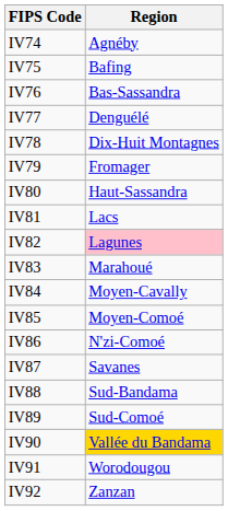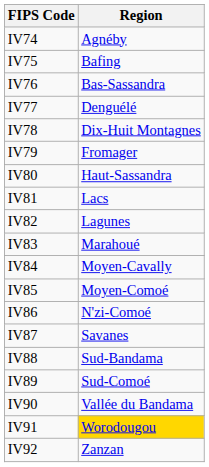 <table class="wikitable">
 <tr>
 <th>FIPS Code</th>
 <th>Region</th>
 </tr>
 <tr>
 <td>IV74</td>
 <td><a href='#'>Agnéby</a></td>
 </tr>
 <tr>
 <td>IV75</td>
 <td><a href='#'>Bafing</a></td>
 </tr>
 <tr>
 <td>IV76</td>
 <td><a href='#'>Bas-Sassandra</a></td>
 </tr>
 <tr>
 <td>IV77</td>
 <td><a href='#'>Denguélé</a></td>
 </tr>
 <tr>
 <td>IV78</td>
 <td><a href='#'>Dix-Huit Montagnes</a></td>
 </tr>
 <tr>
 <td>IV79</td>
 <td><a href='#'>Fromager</a></td>
 </tr>
 <tr>
 <td>IV80</td>
 <td><a href='#'>Haut-Sassandra</a></td>
 </tr>
 <tr>
 <td>IV81</td>
 <td><a href='#'>Lacs</a></td>
 </tr>
 <tr>
 <td>IV82</td>
-<td style="background: pink;"><a href='#'>Lagunes</a></td>
+<td><a href='#'>Lagunes</a></td>
 </tr>
 <tr>
 <td>IV83</td>
 <td><a href='#'>Marahoué</a></td>
 </tr>
 <tr>
 <td>IV84</td>
 <td><a href='#'>Moyen-Cavally</a></td>
 </tr>
 <tr>
 <td>IV85</td>
 <td><a href='#'>Moyen-Comoé</a></td>
 </tr>
 <tr>
 <td>IV86</td>
 <td><a href='#'>N'zi-Comoé</a></td>
 </tr>
 <tr>
 <td>IV87</td>
 <td><a href='#'>Savanes</a></td>
 </tr>
 <tr>
 <td>IV88</td>
 <td><a href='#'>Sud-Bandama</a></td>
 </tr>
 <tr>
 <td>IV89</td>
 <td><a href='#'>Sud-Comoé</a></td>
 </tr>
 <tr>
 <td>IV90</td>
-<td style="background: gold;"><a href='#'>Vallée du Bandama</a></td>
+<td><a href='#'>Vallée du Bandama</a></td>
 </tr>
 <tr>
 <td>IV91</td>
-<td><a href='#'>Worodougou</a></td>
+<td style="background: gold;"><a href='#'>Worodougou</a></td>
 </tr>
 <tr>
 <td>IV92</td>
 <td><a href='#'>Zanzan</a></td>
 </tr>
 </table>
